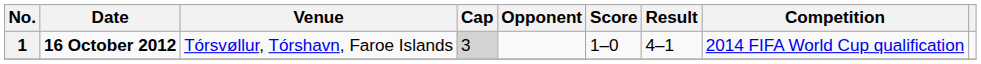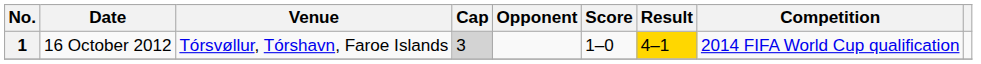 <table class="wikitable sortable plainrowheaders">
 <tr>
 <th scope=col>No.</th>
 <th scope=col data-sort-type=date>Date</th>
 <th scope=col>Venue</th>
 <th scope=col>Cap</th>
 <th scope=col>Opponent</th>
 <th scope=col>Score</th>
 <th scope=col>Result</th>
 <th scope=col>Competition</th>
 <th scope=col class=unsortable></th>
 </tr>
 <tr>
 <th scope=row>1</th>
-<td><strong>16 October 2012</strong></td>
+<td>16 October 2012</td>
 <td><a href='#'>Tórsvøllur</a>, <a href='#'>Tórshavn</a>, Faroe Islands</td>
 <td style="background: lightgrey;">3</td>
 <td></td>
 <td>1–0</td>
-<td>4–1</td>
+<td style="background: gold;">4–1</td>
 <td><a href='#'>2014 FIFA World Cup qualification</a></td>
 <td></td>
 </tr>
 <tr>
 </tr>
 </table>
